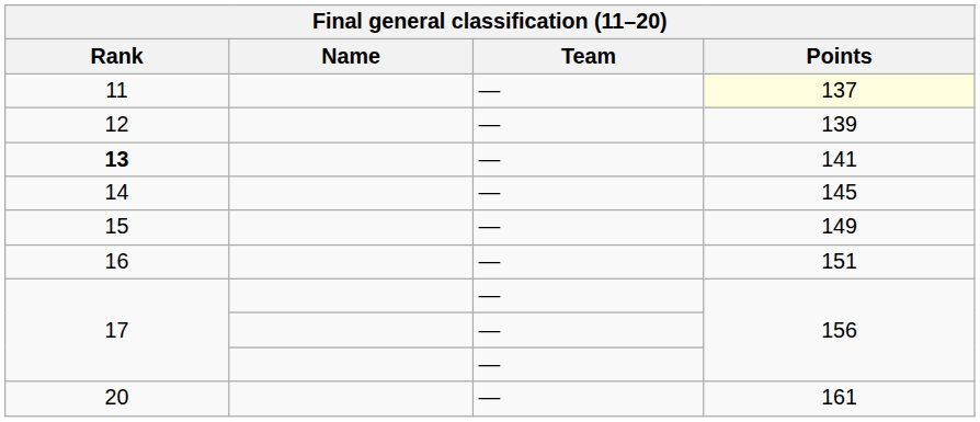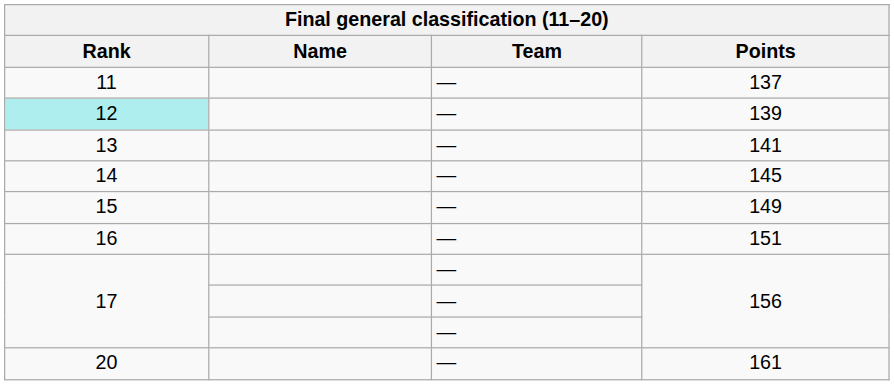 <table class="collapsible collapsed wikitable" style="width:45em;margin-top:0;">
 <tr>
 <th colspan=4>Final general classification (11–20)</th>
 </tr>
 <tr>
 <th>Rank</th>
 <th>Name</th>
 <th>Team</th>
 <th>Points</th>
 </tr>
 <tr>
 <td style="text-align:center;">11</td>
 <td></td>
 <td>—</td>
-<td align=center style="background: lightyellow;">137</td>
+<td align=center>137</td>
 </tr>
 <tr>
-<td style="text-align:center;">12</td>
+<td style="background: paleturquoise; text-align:center;">12</td>
 <td></td>
 <td>—</td>
 <td align=center>139</td>
 </tr>
 <tr>
-<td style="text-align:center;"><strong>13</strong></td>
+<td style="text-align:center;">13</td>
 <td></td>
 <td>—</td>
 <td align=center>141</td>
 </tr>
 <tr>
 <td style="text-align:center;">14</td>
 <td></td>
 <td>—</td>
 <td align=center>145</td>
 </tr>
 <tr>
 <td style="text-align:center;">15</td>
 <td></td>
 <td>—</td>
 <td align=center>149</td>
 </tr>
 <tr>
 <td style="text-align:center;">16</td>
 <td></td>
 <td>—</td>
 <td align=center>151</td>
 </tr>
 <tr>
 <td style="text-align:center;" rowspan="3">17</td>
 <td></td>
 <td>—</td>
 <td align=center rowspan="3">156</td>
 </tr>
 <tr>
 <td></td>
 <td>—</td>
 </tr>
 <tr>
 <td></td>
 <td>—</td>
 </tr>
 <tr>
 <td style="text-align:center;">20</td>
 <td></td>
 <td>—</td>
 <td align=center>161</td>
 </tr>
 </table>
